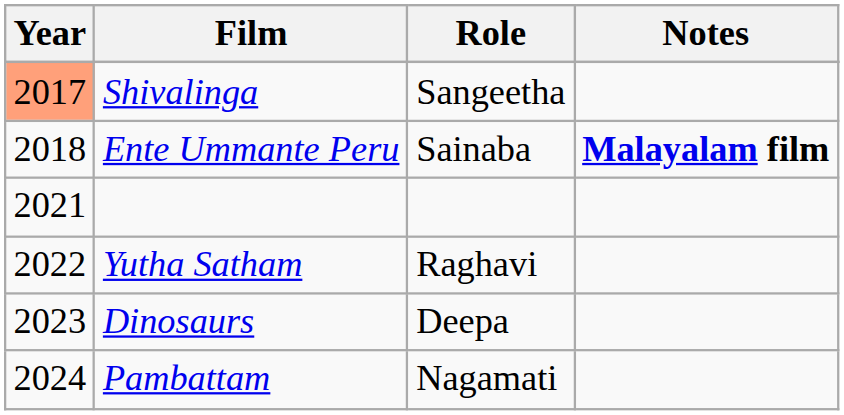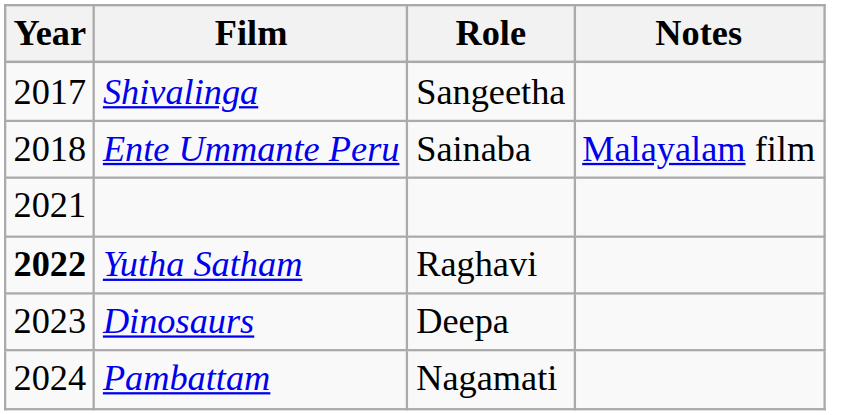 <table class="wikitable">
 <tr style="background:#ccc; text-align:center;">
 <th>Year</th>
 <th>Film</th>
 <th>Role</th>
 <th>Notes</th>
 </tr>
 <tr>
 </tr>
 <tr>
-<td style="background: lightsalmon;">2017</td>
+<td>2017</td>
 <td><em><a href='#'>Shivalinga</a></em></td>
 <td>Sangeetha</td>
 <td></td>
 </tr>
 <tr>
 <td>2018</td>
 <td><em><a href='#'>Ente Ummante Peru</a></em></td>
 <td>Sainaba</td>
-<td><strong><a href='#'>Malayalam</a> film</strong></td>
+<td><a href='#'>Malayalam</a> film</td>
 </tr>
 <tr>
 <td>2021</td>
 <td></td>
 <td></td>
 <td></td>
 </tr>
 <tr>
-<td>2022</td>
+<td><strong>2022</strong></td>
 <td><em><a href='#'>Yutha Satham</a></em></td>
 <td>Raghavi</td>
 <td></td>
 </tr>
 <tr>
 <td>2023</td>
 <td><em><a href='#'>Dinosaurs</a></em></td>
 <td>Deepa</td>
 <td></td>
 </tr>
 <tr>
 <td>2024</td>
 <td><em><a href='#'>Pambattam</a></em></td>
 <td>Nagamati</td>
 <td></td>
 </tr>
 </table>
